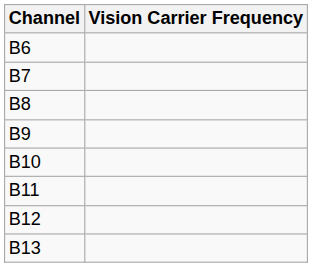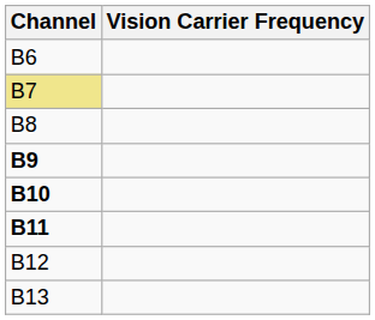 <table class="wikitable">
 <tr>
 <th>Channel</th>
 <th>Vision Carrier Frequency</th>
 </tr>
 <tr>
 <td>B6</td>
 <td></td>
 </tr>
 <tr>
-<td>B7</td>
+<td style="background: khaki;">B7</td>
 <td></td>
 </tr>
 <tr>
 <td>B8</td>
 <td></td>
 </tr>
 <tr>
-<td>B9</td>
+<td><strong>B9</strong></td>
 <td></td>
 </tr>
 <tr>
-<td>B10</td>
+<td><strong>B10</strong></td>
 <td></td>
 </tr>
 <tr>
-<td>B11</td>
+<td><strong>B11</strong></td>
 <td></td>
 </tr>
 <tr>
 <td>B12</td>
 <td></td>
 </tr>
 <tr>
 <td>B13</td>
 <td></td>
 </tr>
 </table>
